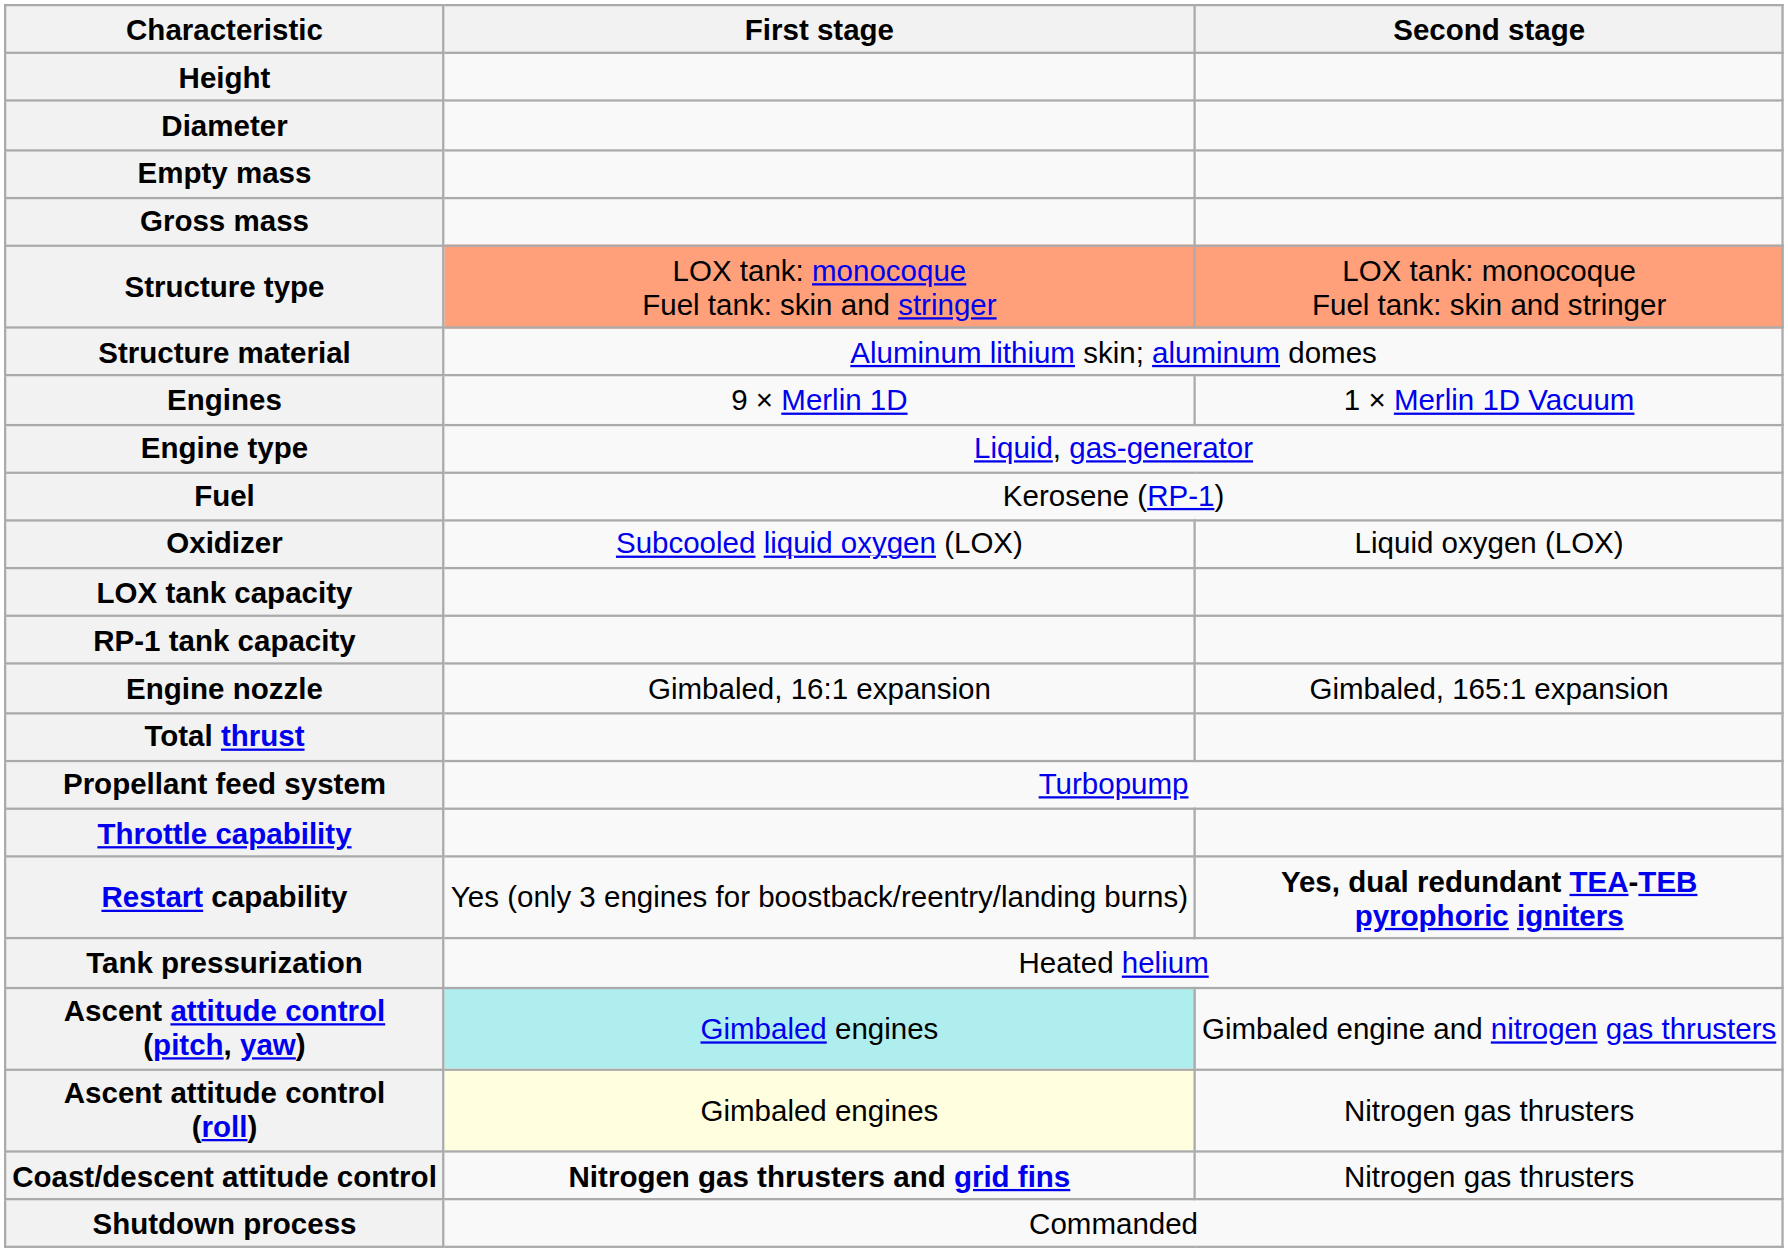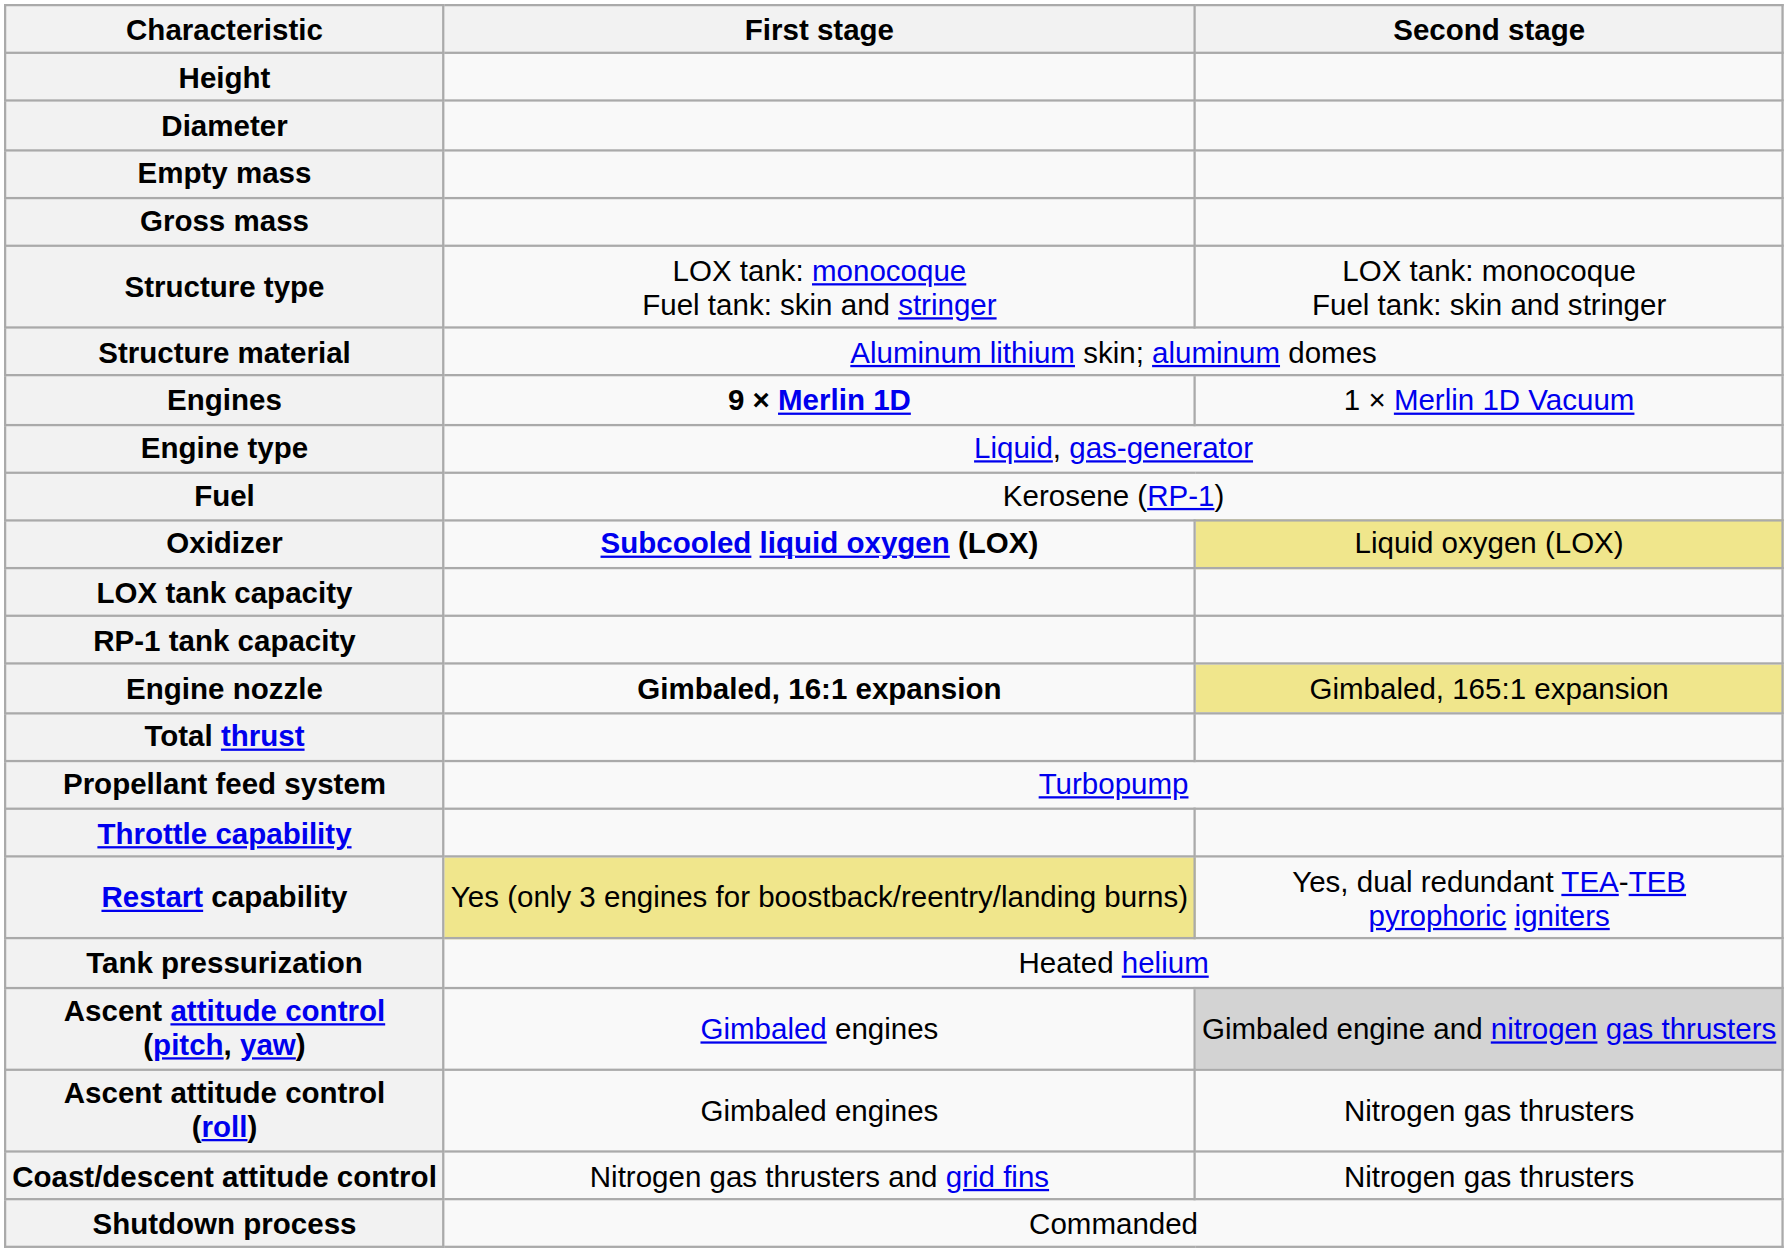 <table class="wikitable sticky-header" style="font-size:small; text-align:center;">
 <tr>
 <th>Characteristic</th>
 <th>First stage</th>
 <th>Second stage</th>
 </tr>
 <tr>
 <th>Height</th>
 <td></td>
 <td></td>
 </tr>
 <tr>
 <th>Diameter</th>
 <td></td>
 <td></td>
 </tr>
 <tr>
 <th>Empty mass</th>
 <td></td>
 <td></td>
 </tr>
 <tr>
 <th>Gross mass</th>
 <td></td>
 <td></td>
 </tr>
 <tr>
 <th>Structure type</th>
-<td style="background: lightsalmon;">LOX tank: <a href='#'>monocoque</a><br>Fuel tank: skin and <a href='#'>stringer</a></td>
-<td style="background: lightsalmon;">LOX tank: monocoque<br>Fuel tank: skin and stringer</td>
+<td>LOX tank: <a href='#'>monocoque</a><br>Fuel tank: skin and <a href='#'>stringer</a></td>
+<td>LOX tank: monocoque<br>Fuel tank: skin and stringer</td>
 </tr>
 <tr>
 <th>Structure material</th>
 <td colspan="2"><a href='#'>Aluminum lithium</a> skin; <a href='#'>aluminum</a> domes</td>
 </tr>
 <tr>
 <th>Engines</th>
-<td>9 × <a href='#'>Merlin 1D</a></td>
+<td><strong>9 × <a href='#'>Merlin 1D</a></strong></td>
 <td>1 × <a href='#'>Merlin 1D Vacuum</a></td>
 </tr>
 <tr>
 <th>Engine type</th>
 <td colspan="2"><a href='#'>Liquid</a>, <a href='#'>gas-generator</a></td>
 </tr>
 <tr>
 <th>Fuel</th>
 <td colspan="2">Kerosene (<a href='#'>RP-1</a>)</td>
 </tr>
 <tr>
 <th>Oxidizer</th>
-<td><a href='#'>Subcooled</a> <a href='#'>liquid oxygen</a> (LOX)</td>
-<td>Liquid oxygen (LOX)</td>
+<td><strong><a href='#'>Subcooled</a> <a href='#'>liquid oxygen</a> (LOX)</strong></td>
+<td style="background: khaki;">Liquid oxygen (LOX)</td>
 </tr>
 <tr>
 <th>LOX tank capacity</th>
 <td></td>
 <td></td>
 </tr>
 <tr>
 <th>RP-1 tank capacity</th>
 <td></td>
 <td></td>
 </tr>
 <tr>
 <th>Engine nozzle</th>
-<td>Gimbaled, 16:1 expansion</td>
-<td>Gimbaled, 165:1 expansion</td>
+<td><strong>Gimbaled, 16:1 expansion</strong></td>
+<td style="background: khaki;">Gimbaled, 165:1 expansion</td>
 </tr>
 <tr>
 <th>Total <a href='#'>thrust</a></th>
 <td></td>
 <td></td>
 </tr>
 <tr>
 <th>Propellant feed system</th>
 <td colspan="2"><a href='#'>Turbopump</a></td>
 </tr>
 <tr>
 <th><a href='#'>Throttle capability</a></th>
 <td></td>
 <td></td>
 </tr>
 <tr>
 <th><a href='#'>Restart</a> capability</th>
-<td>Yes (only 3 engines for boostback/reentry/landing burns)</td>
-<td><strong>Yes, dual redundant <a href='#'>TEA</a>-<a href='#'>TEB</a><br><a href='#'>pyrophoric</a> <a href='#'>igniters</a></strong></td>
+<td style="background: khaki;">Yes (only 3 engines for boostback/reentry/landing burns)</td>
+<td>Yes, dual redundant <a href='#'>TEA</a>-<a href='#'>TEB</a><br><a href='#'>pyrophoric</a> <a href='#'>igniters</a></td>
 </tr>
 <tr>
 <th>Tank pressurization</th>
 <td colspan="2">Heated <a href='#'>helium</a></td>
 </tr>
 <tr>
 <th>Ascent <a href='#'>attitude control</a><br>(<a href='#'>pitch</a>, <a href='#'>yaw</a>)</th>
-<td style="background: paleturquoise;"><a href='#'>Gimbaled</a> engines</td>
-<td>Gimbaled engine and <a href='#'>nitrogen</a> <a href='#'>gas thrusters</a></td>
+<td><a href='#'>Gimbaled</a> engines</td>
+<td style="background: lightgrey;">Gimbaled engine and <a href='#'>nitrogen</a> <a href='#'>gas thrusters</a></td>
 </tr>
 <tr>
 <th>Ascent attitude control<br>(<a href='#'>roll</a>)</th>
-<td style="background: lightyellow;">Gimbaled engines</td>
+<td>Gimbaled engines</td>
 <td>Nitrogen gas thrusters</td>
 </tr>
 <tr>
 <th>Coast/descent attitude control</th>
-<td><strong>Nitrogen gas thrusters and <a href='#'>grid fins</a></strong></td>
+<td>Nitrogen gas thrusters and <a href='#'>grid fins</a></td>
 <td>Nitrogen gas thrusters</td>
 </tr>
 <tr>
 <th>Shutdown process</th>
 <td colspan="2">Commanded</td>
 </tr>
 </table>
